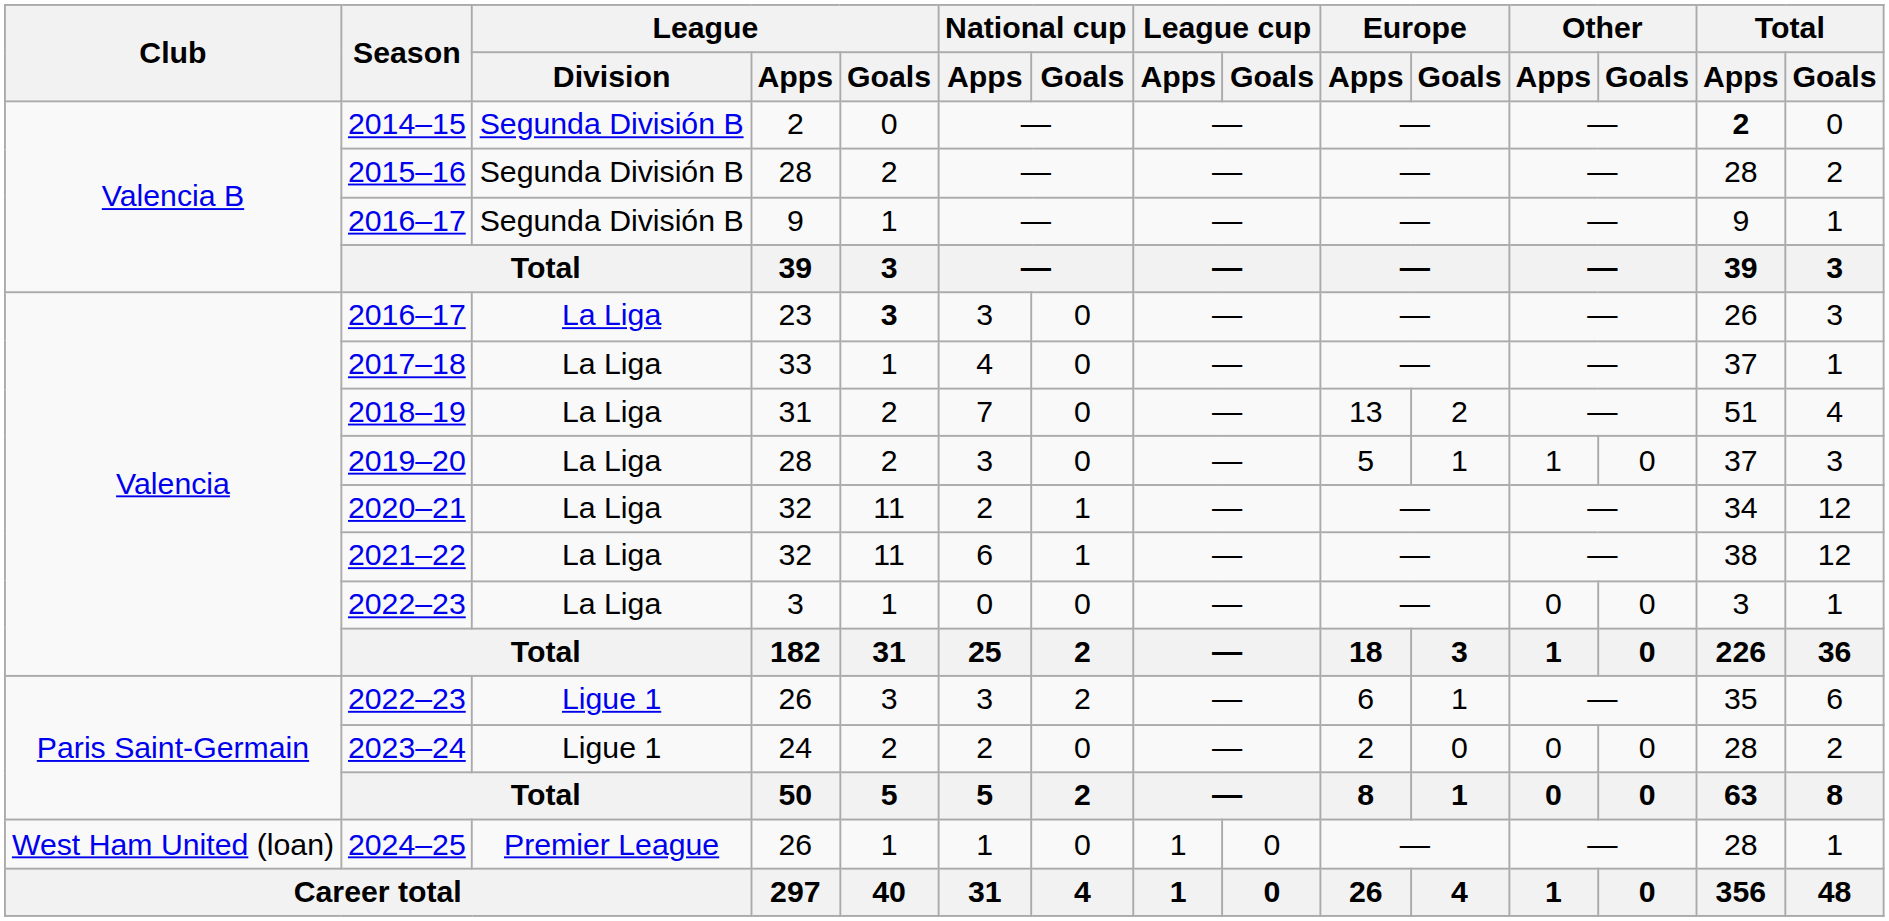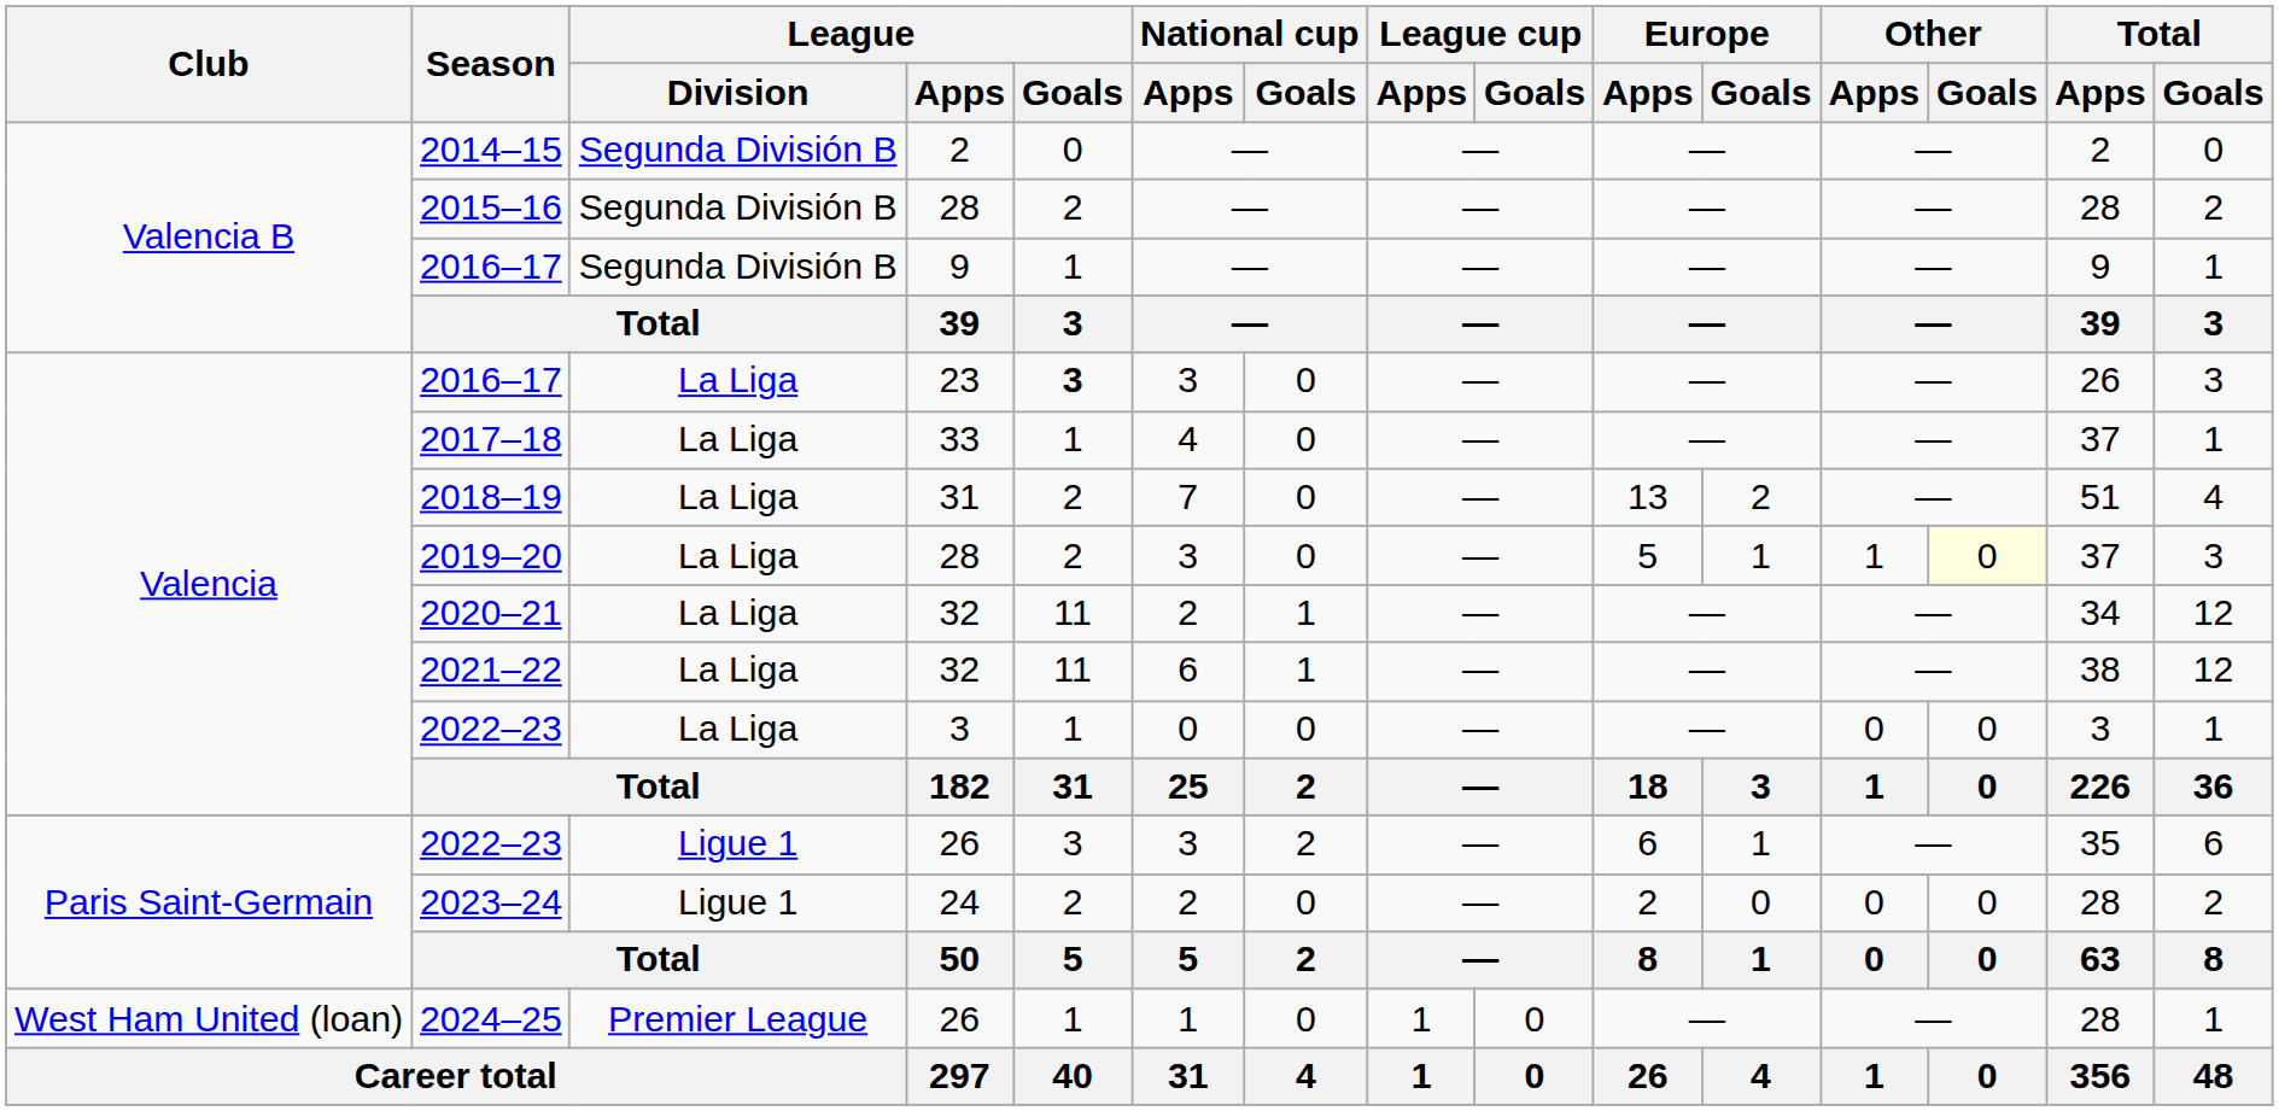 <table class="wikitable" style="text-align:center">
 <tr>
 <th rowspan="2">Club</th>
 <th rowspan="2">Season</th>
 <th colspan="3">League</th>
 <th colspan="2">National cup</th>
 <th colspan="2">League cup</th>
 <th colspan="2">Europe</th>
 <th colspan="2">Other</th>
 <th colspan="2">Total</th>
 </tr>
 <tr>
 <th>Division</th>
 <th>Apps</th>
 <th>Goals</th>
 <th>Apps</th>
 <th>Goals</th>
 <th>Apps</th>
 <th>Goals</th>
 <th>Apps</th>
 <th>Goals</th>
 <th>Apps</th>
 <th>Goals</th>
 <th>Apps</th>
 <th>Goals</th>
 </tr>
 <tr>
 <td rowspan="4"><a href='#'>Valencia B</a></td>
 <td><a href='#'>2014–15</a></td>
 <td><a href='#'>Segunda División B</a></td>
 <td>2</td>
 <td>0</td>
 <td colspan="2">—</td>
 <td colspan="2">—</td>
 <td colspan="2">—</td>
 <td colspan="2">—</td>
-<td><strong>2</strong></td>
+<td>2</td>
 <td>0</td>
 </tr>
 <tr>
 <td><a href='#'>2015–16</a></td>
 <td>Segunda División B</td>
 <td>28</td>
 <td>2</td>
 <td colspan="2">—</td>
 <td colspan="2">—</td>
 <td colspan="2">—</td>
 <td colspan="2">—</td>
 <td>28</td>
 <td>2</td>
 </tr>
 <tr>
 <td><a href='#'>2016–17</a></td>
 <td>Segunda División B</td>
 <td>9</td>
 <td>1</td>
 <td colspan="2">—</td>
 <td colspan="2">—</td>
 <td colspan="2">—</td>
 <td colspan="2">—</td>
 <td>9</td>
 <td>1</td>
 </tr>
 <tr>
 <th colspan="2">Total</th>
 <th>39</th>
 <th>3</th>
 <th colspan="2">—</th>
 <th colspan="2">—</th>
 <th colspan="2">—</th>
 <th colspan="2">—</th>
 <th>39</th>
 <th>3</th>
 </tr>
 <tr>
 <td rowspan="8"><a href='#'>Valencia</a></td>
 <td><a href='#'>2016–17</a></td>
 <td><a href='#'>La Liga</a></td>
 <td>23</td>
 <td><strong>3</strong></td>
 <td>3</td>
 <td>0</td>
 <td colspan="2">—</td>
 <td colspan="2">—</td>
 <td colspan="2">—</td>
 <td>26</td>
 <td>3</td>
 </tr>
 <tr>
 <td><a href='#'>2017–18</a></td>
 <td>La Liga</td>
 <td>33</td>
 <td>1</td>
 <td>4</td>
 <td>0</td>
 <td colspan="2">—</td>
 <td colspan="2">—</td>
 <td colspan="2">—</td>
 <td>37</td>
 <td>1</td>
 </tr>
 <tr>
 <td><a href='#'>2018–19</a></td>
 <td>La Liga</td>
 <td>31</td>
 <td>2</td>
 <td>7</td>
 <td>0</td>
 <td colspan="2">—</td>
 <td>13</td>
 <td>2</td>
 <td colspan="2">—</td>
 <td>51</td>
 <td>4</td>
 </tr>
 <tr>
 <td><a href='#'>2019–20</a></td>
 <td>La Liga</td>
 <td>28</td>
 <td>2</td>
 <td>3</td>
 <td>0</td>
 <td colspan="2">—</td>
 <td>5</td>
 <td>1</td>
 <td>1</td>
-<td>0</td>
+<td style="background: lightyellow;">0</td>
 <td>37</td>
 <td>3</td>
 </tr>
 <tr>
 <td><a href='#'>2020–21</a></td>
 <td>La Liga</td>
 <td>32</td>
 <td>11</td>
 <td>2</td>
 <td>1</td>
 <td colspan="2">—</td>
 <td colspan="2">—</td>
 <td colspan="2">—</td>
 <td>34</td>
 <td>12</td>
 </tr>
 <tr>
 <td><a href='#'>2021–22</a></td>
 <td>La Liga</td>
 <td>32</td>
 <td>11</td>
 <td>6</td>
 <td>1</td>
 <td colspan="2">—</td>
 <td colspan="2">—</td>
 <td colspan="2">—</td>
 <td>38</td>
 <td>12</td>
 </tr>
 <tr>
 <td><a href='#'>2022–23</a></td>
 <td>La Liga</td>
 <td>3</td>
 <td>1</td>
 <td>0</td>
 <td>0</td>
 <td colspan="2">—</td>
 <td colspan="2">—</td>
 <td>0</td>
 <td>0</td>
 <td>3</td>
 <td>1</td>
 </tr>
 <tr>
 <th colspan="2">Total</th>
 <th>182</th>
 <th>31</th>
 <th>25</th>
 <th>2</th>
 <th colspan="2">—</th>
 <th>18</th>
 <th>3</th>
 <th>1</th>
 <th>0</th>
 <th>226</th>
 <th>36</th>
 </tr>
 <tr>
 <td rowspan="3"><a href='#'>Paris Saint-Germain</a></td>
 <td><a href='#'>2022–23</a></td>
 <td><a href='#'>Ligue 1</a></td>
 <td>26</td>
 <td>3</td>
 <td>3</td>
 <td>2</td>
 <td colspan="2">—</td>
 <td>6</td>
 <td>1</td>
 <td colspan="2">—</td>
 <td>35</td>
 <td>6</td>
 </tr>
 <tr>
 <td><a href='#'>2023–24</a></td>
 <td>Ligue 1</td>
 <td>24</td>
 <td>2</td>
 <td>2</td>
 <td>0</td>
 <td colspan="2">—</td>
 <td>2</td>
 <td>0</td>
 <td>0</td>
 <td>0</td>
 <td>28</td>
 <td>2</td>
 </tr>
 <tr>
 <th colspan="2">Total</th>
 <th>50</th>
 <th>5</th>
 <th>5</th>
 <th>2</th>
 <th colspan="2">—</th>
 <th>8</th>
 <th>1</th>
 <th>0</th>
 <th>0</th>
 <th>63</th>
 <th>8</th>
 </tr>
 <tr>
 <td><a href='#'>West Ham United</a> (loan)</td>
 <td><a href='#'>2024–25</a></td>
 <td><a href='#'>Premier League</a></td>
 <td>26</td>
 <td>1</td>
 <td>1</td>
 <td>0</td>
 <td>1</td>
 <td>0</td>
 <td colspan="2">—</td>
 <td colspan="2">—</td>
 <td>28</td>
 <td>1</td>
 </tr>
 <tr>
 <th colspan="3">Career total</th>
 <th>297</th>
 <th>40</th>
 <th>31</th>
 <th>4</th>
 <th>1</th>
 <th>0</th>
 <th>26</th>
 <th>4</th>
 <th>1</th>
 <th>0</th>
 <th>356</th>
 <th>48</th>
 </tr>
 </table>
